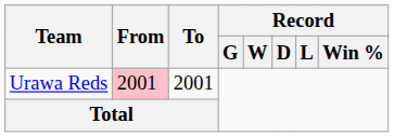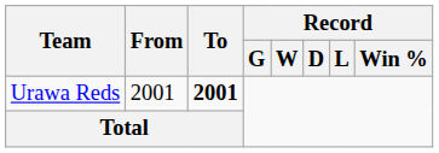 <table class="wikitable" style="text-align: center">
 <tr>
 <th rowspan="2">Team</th>
 <th rowspan="2">From</th>
 <th rowspan="2">To</th>
 <th colspan="5">Record</th>
 </tr>
 <tr>
 <th>G</th>
 <th>W</th>
 <th>D</th>
 <th>L</th>
 <th>Win %</th>
 </tr>
 <tr>
 <td align="left"><a href='#'>Urawa Reds</a></td>
-<td align="left" style="background: pink;">2001</td>
-<td align="left">2001<br></td>
+<td align="left">2001</td>
+<td align="left"><strong>2001<br></strong></td>
 </tr>
 <tr>
 <th colspan="3">Total<br></th>
 </tr>
 </table>
